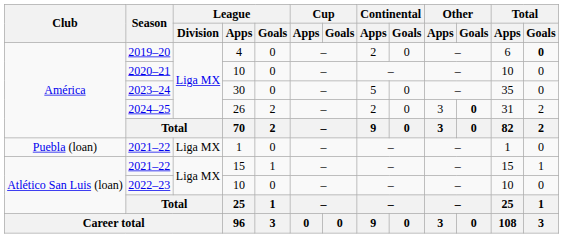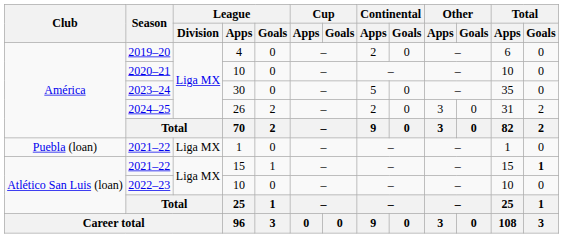 <table class="wikitable" style="text-align: center">
 <tr>
 <th rowspan="2">Club</th>
 <th rowspan="2">Season</th>
 <th colspan="3">League</th>
 <th colspan="2">Cup</th>
 <th colspan="2">Continental</th>
 <th colspan="2">Other</th>
 <th colspan="2">Total</th>
 </tr>
 <tr>
 <th>Division</th>
 <th>Apps</th>
 <th>Goals</th>
 <th>Apps</th>
 <th>Goals</th>
 <th>Apps</th>
 <th>Goals</th>
 <th>Apps</th>
 <th>Goals</th>
 <th>Apps</th>
 <th>Goals</th>
 </tr>
 <tr>
 <td rowspan="5"><a href='#'>América</a></td>
 <td><a href='#'>2019–20</a></td>
 <td rowspan="4"><a href='#'>Liga MX</a></td>
 <td>4</td>
 <td>0</td>
 <td colspan="2">–</td>
 <td>2</td>
 <td>0</td>
 <td colspan="2">–</td>
 <td>6</td>
-<td><strong>0</strong></td>
+<td>0</td>
 </tr>
 <tr>
 <td><a href='#'>2020–21</a></td>
 <td>10</td>
 <td>0</td>
 <td colspan="2">–</td>
 <td colspan="2">–</td>
 <td colspan="2">–</td>
 <td>10</td>
 <td>0</td>
 </tr>
 <tr>
 <td><a href='#'>2023–24</a></td>
 <td>30</td>
 <td>0</td>
 <td colspan="2">–</td>
 <td>5</td>
 <td>0</td>
 <td colspan="2">–</td>
 <td>35</td>
 <td>0</td>
 </tr>
 <tr>
 <td><a href='#'>2024–25</a></td>
 <td>26</td>
 <td>2</td>
 <td colspan="2">–</td>
 <td>2</td>
 <td>0</td>
 <td>3</td>
-<td><strong>0</strong></td>
+<td>0</td>
 <td>31</td>
 <td>2</td>
 </tr>
 <tr>
 <th colspan="2">Total</th>
 <th>70</th>
 <th>2</th>
 <th colspan="2">–</th>
 <th>9</th>
 <th>0</th>
 <th>3</th>
 <th>0</th>
 <th>82</th>
 <th>2</th>
 </tr>
 <tr>
 <td><a href='#'>Puebla</a> (loan)</td>
 <td><a href='#'>2021–22</a></td>
 <td>Liga MX</td>
 <td>1</td>
 <td>0</td>
 <td colspan="2">–</td>
 <td colspan="2">–</td>
 <td colspan="2">–</td>
 <td>1</td>
 <td>0</td>
 </tr>
 <tr>
 <td rowspan="3"><a href='#'>Atlético San Luis</a> (loan)</td>
 <td><a href='#'>2021–22</a></td>
 <td rowspan="2">Liga MX</td>
 <td>15</td>
 <td>1</td>
 <td colspan="2">–</td>
 <td colspan="2">–</td>
 <td colspan="2">–</td>
 <td>15</td>
-<td>1</td>
+<td><strong>1</strong></td>
 </tr>
 <tr>
 <td><a href='#'>2022–23</a></td>
 <td>10</td>
 <td>0</td>
 <td colspan="2">–</td>
 <td colspan="2">–</td>
 <td colspan="2">–</td>
 <td>10</td>
 <td>0</td>
 </tr>
 <tr>
 <th colspan="2">Total</th>
 <th>25</th>
 <th>1</th>
 <th colspan="2">–</th>
 <th colspan="2">–</th>
 <th colspan="2">–</th>
 <th>25</th>
 <th>1</th>
 </tr>
 <tr>
 <th colspan=3>Career total</th>
 <th>96</th>
 <th>3</th>
 <th>0</th>
 <th>0</th>
 <th>9</th>
 <th>0</th>
 <th>3</th>
 <th>0</th>
 <th>108</th>
 <th>3</th>
 </tr>
 </table>
